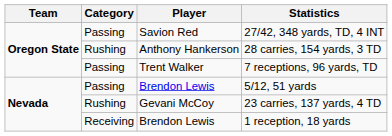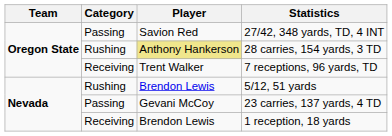 <table class="wikitable" style="float: right;">
 <tr>
 <th>Team</th>
 <th>Category</th>
 <th>Player</th>
 <th>Statistics</th>
 </tr>
 <tr>
 <td rowspan=3><strong>Oregon State</strong></td>
 <td>Passing</td>
 <td>Savion Red</td>
 <td>27/42, 348 yards, TD, 4 INT</td>
 </tr>
 <tr>
 <td>Rushing</td>
-<td>Anthony Hankerson</td>
+<td style="background: khaki;">Anthony Hankerson</td>
 <td>28 carries, 154 yards, 3 TD</td>
 </tr>
 <tr>
-<td>Passing</td>
+<td>Receiving</td>
 <td>Trent Walker</td>
 <td>7 receptions, 96 yards, TD</td>
 </tr>
 <tr>
 <td rowspan=3><strong>Nevada</strong></td>
-<td>Passing</td>
+<td>Rushing</td>
 <td><a href='#'>Brendon Lewis</a></td>
 <td>5/12, 51 yards</td>
 </tr>
 <tr>
-<td>Rushing</td>
+<td>Passing</td>
 <td>Gevani McCoy</td>
 <td>23 carries, 137 yards, 4 TD</td>
 </tr>
 <tr>
 <td>Receiving</td>
 <td>Brendon Lewis</td>
 <td>1 reception, 18 yards</td>
 </tr>
 </table>
